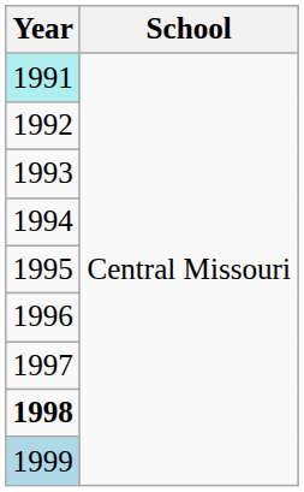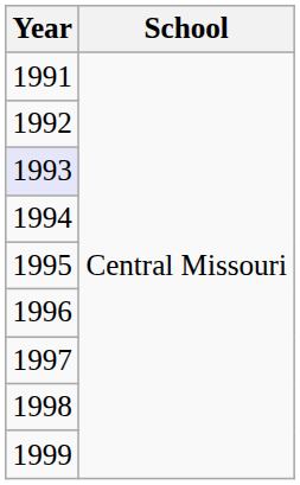 <table class="wikitable" style="text-align:center">
 <tr>
 <th>Year</th>
 <th>School</th>
 </tr>
 <tr>
-<td style="background: paleturquoise;">1991</td>
+<td>1991</td>
 <td rowspan=9>Central Missouri</td>
 </tr>
 <tr>
 <td>1992</td>
 </tr>
 <tr>
-<td>1993</td>
+<td style="background: lavender;">1993</td>
 </tr>
 <tr>
 <td>1994</td>
 </tr>
 <tr>
 <td>1995</td>
 </tr>
 <tr>
 <td>1996</td>
 </tr>
 <tr>
 <td>1997</td>
 </tr>
 <tr>
-<td><strong>1998</strong></td>
+<td>1998</td>
 </tr>
 <tr>
-<td style="background: lightblue;">1999</td>
+<td>1999</td>
 </tr>
 </table>
